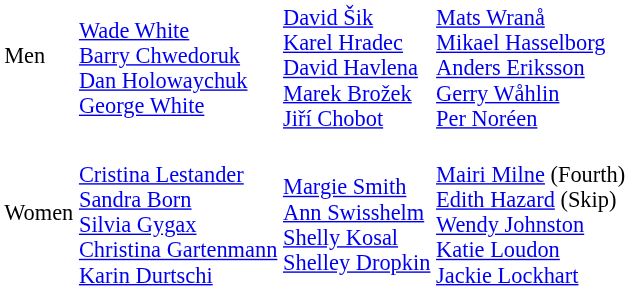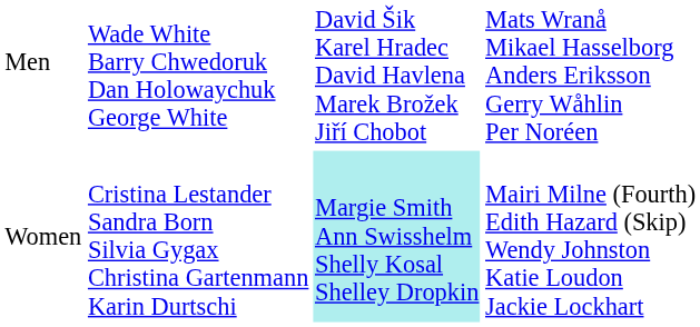 <table>
 <tr>
 <td>Men</td>
 <td><strong></strong><br><a href='#'>Wade White</a><br><a href='#'>Barry Chwedoruk</a><br><a href='#'>Dan Holowaychuk</a><br><a href='#'>George White</a></td>
 <td><strong></strong><br><a href='#'>David Šik</a><br><a href='#'>Karel Hradec</a><br><a href='#'>David Havlena</a><br><a href='#'>Marek Brožek</a><br><a href='#'>Jiří Chobot</a></td>
 <td><strong></strong><br><a href='#'>Mats Wranå</a><br><a href='#'>Mikael Hasselborg</a><br><a href='#'>Anders Eriksson</a><br><a href='#'>Gerry Wåhlin</a><br><a href='#'>Per Noréen</a></td>
 </tr>
 <tr>
 <td>Women</td>
 <td><strong></strong><br><a href='#'>Cristina Lestander</a><br><a href='#'>Sandra Born</a><br><a href='#'>Silvia Gygax</a><br><a href='#'>Christina Gartenmann</a><br><a href='#'>Karin Durtschi</a></td>
-<td><strong></strong><br><a href='#'>Margie Smith</a><br><a href='#'>Ann Swisshelm</a><br><a href='#'>Shelly Kosal</a><br><a href='#'>Shelley Dropkin</a></td>
+<td style="background: paleturquoise;"><strong></strong><br><a href='#'>Margie Smith</a><br><a href='#'>Ann Swisshelm</a><br><a href='#'>Shelly Kosal</a><br><a href='#'>Shelley Dropkin</a></td>
 <td><strong></strong><br><a href='#'>Mairi Milne</a> (Fourth)<br><a href='#'>Edith Hazard</a> (Skip)<br><a href='#'>Wendy Johnston</a><br><a href='#'>Katie Loudon</a><br><a href='#'>Jackie Lockhart</a></td>
 </tr>
 </table>
